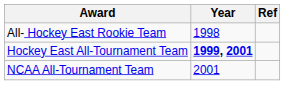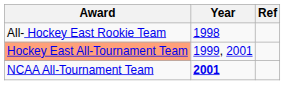 <table class="wikitable">
 <tr>
 <th>Award</th>
 <th>Year</th>
 <th>Ref</th>
 </tr>
 <tr>
 <td>All-<a href='#'> Hockey East Rookie Team</a></td>
 <td><a href='#'>1998</a></td>
 <td></td>
 </tr>
 <tr>
-<td><a href='#'>Hockey East All-Tournament Team</a></td>
-<td><strong><a href='#'>1999</a>, <a href='#'>2001</a></strong></td>
+<td style="background: lightsalmon;"><a href='#'>Hockey East All-Tournament Team</a></td>
+<td><a href='#'>1999</a>, <a href='#'>2001</a></td>
 <td></td>
 </tr>
 <tr>
 <td><a href='#'>NCAA All-Tournament Team</a></td>
-<td><a href='#'>2001</a></td>
+<td><strong><a href='#'>2001</a></strong></td>
 <td></td>
 </tr>
 </table>
